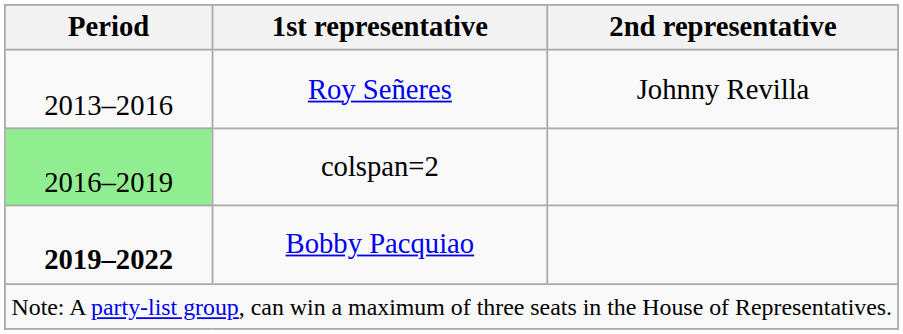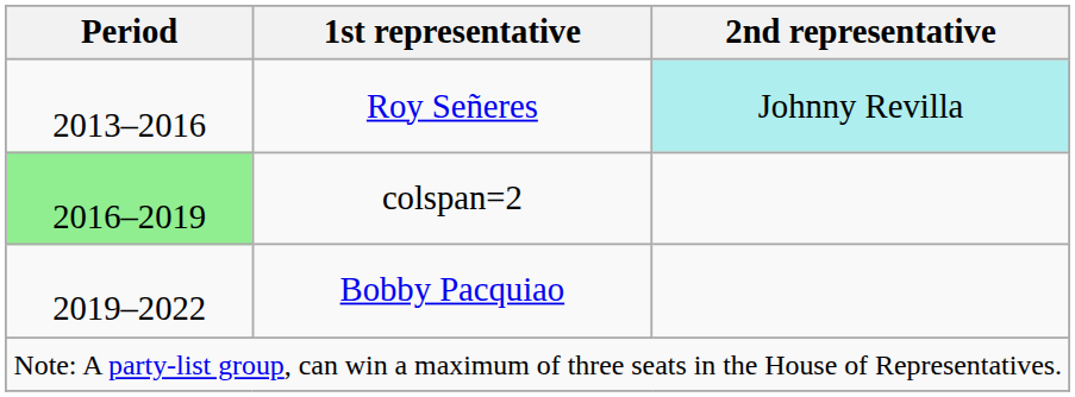 <table class="wikitable" style="text-align:center">
 <tr>
 <th>Period</th>
 <th>1st representative</th>
 <th>2nd representative</th>
 </tr>
 <tr>
 <td><small><a href='#'></a></small><br>2013–2016</td>
 <td><a href='#'>Roy Señeres</a></td>
-<td>Johnny Revilla<br></td>
+<td style="background: paleturquoise;">Johnny Revilla<br></td>
 </tr>
 <tr>
 <td style="background: lightgreen;"><small><a href='#'></a></small><br>2016–2019</td>
 <td>colspan=2</td>
 </tr>
 <tr>
-<td><strong><small><a href='#'></a></small><br>2019–2022</strong></td>
+<td><small><a href='#'></a></small><br>2019–2022</td>
 <td><a href='#'>Bobby Pacquiao</a></td>
 <td></td>
 </tr>
 <tr>
 <td colspan=3><small>Note: A <a href='#'>party-list group</a>, can win a maximum of three seats in the House of Representatives.</small></td>
 </tr>
 </table>
